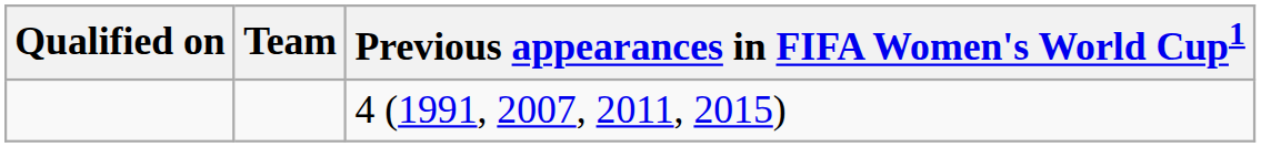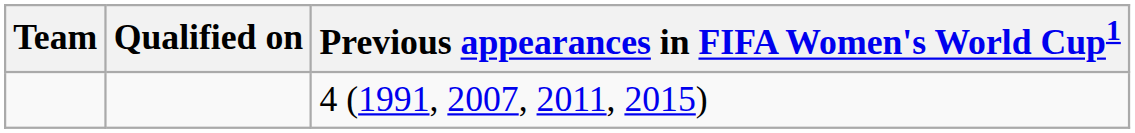 <table class="wikitable sortable">
 <tr>
+<th>Team</th>
 <th>Qualified on</th>
-<th>Team</th>
 <th data-sort-type="number">Previous <a href='#'>appearances</a> in <a href='#'>FIFA Women's World Cup</a><sup><strong><a href='#'>1</a></strong></sup></th>
 </tr>
 <tr>
 <td></td>
 <td></td>
 <td>4 (<a href='#'>1991</a>, <a href='#'>2007</a>, <a href='#'>2011</a>, <a href='#'>2015</a>)</td>
 </tr>
 </table>
